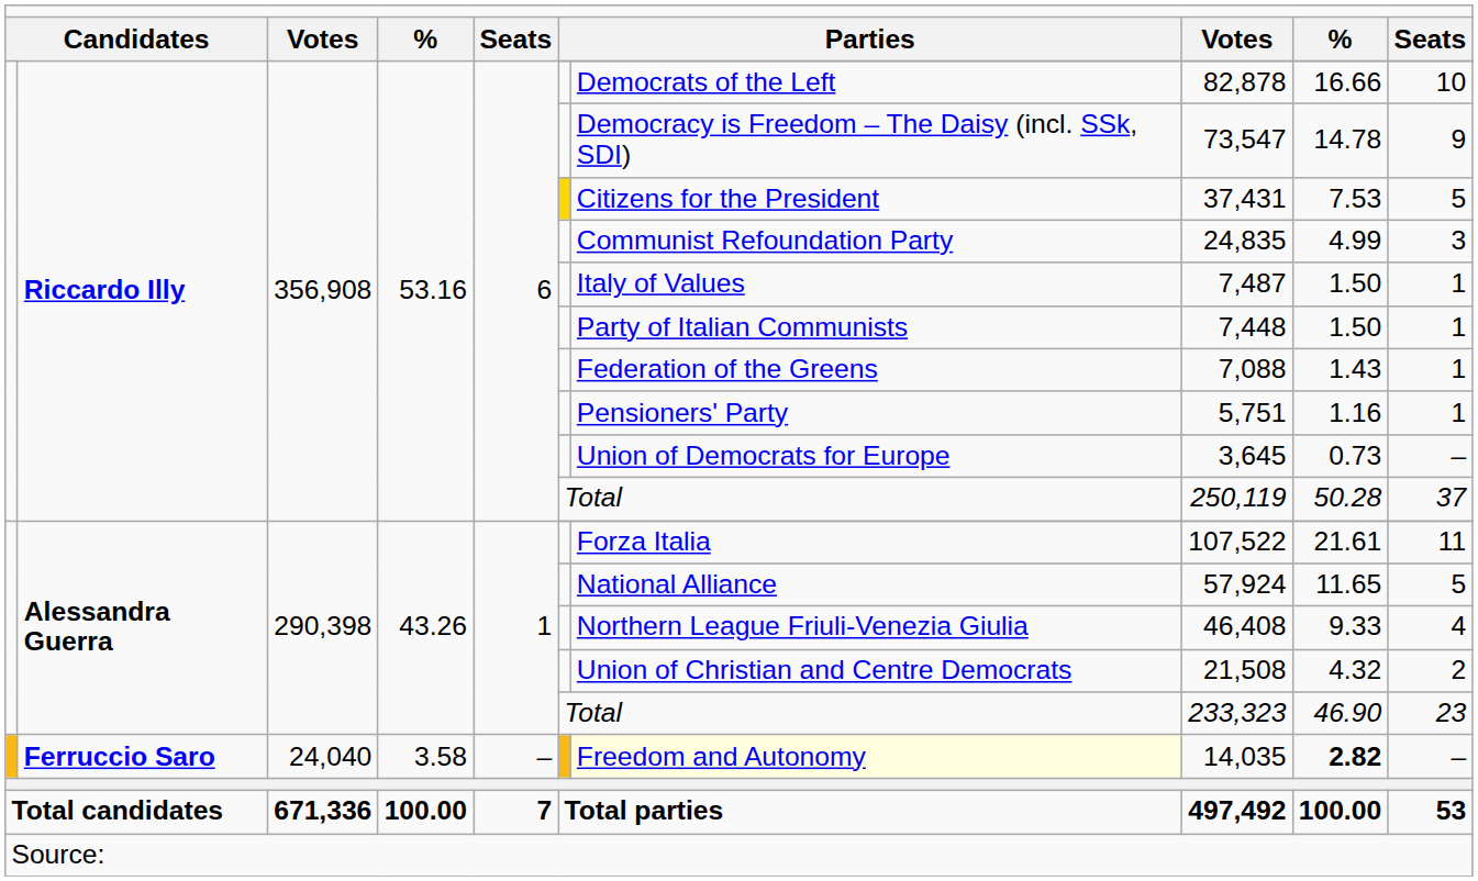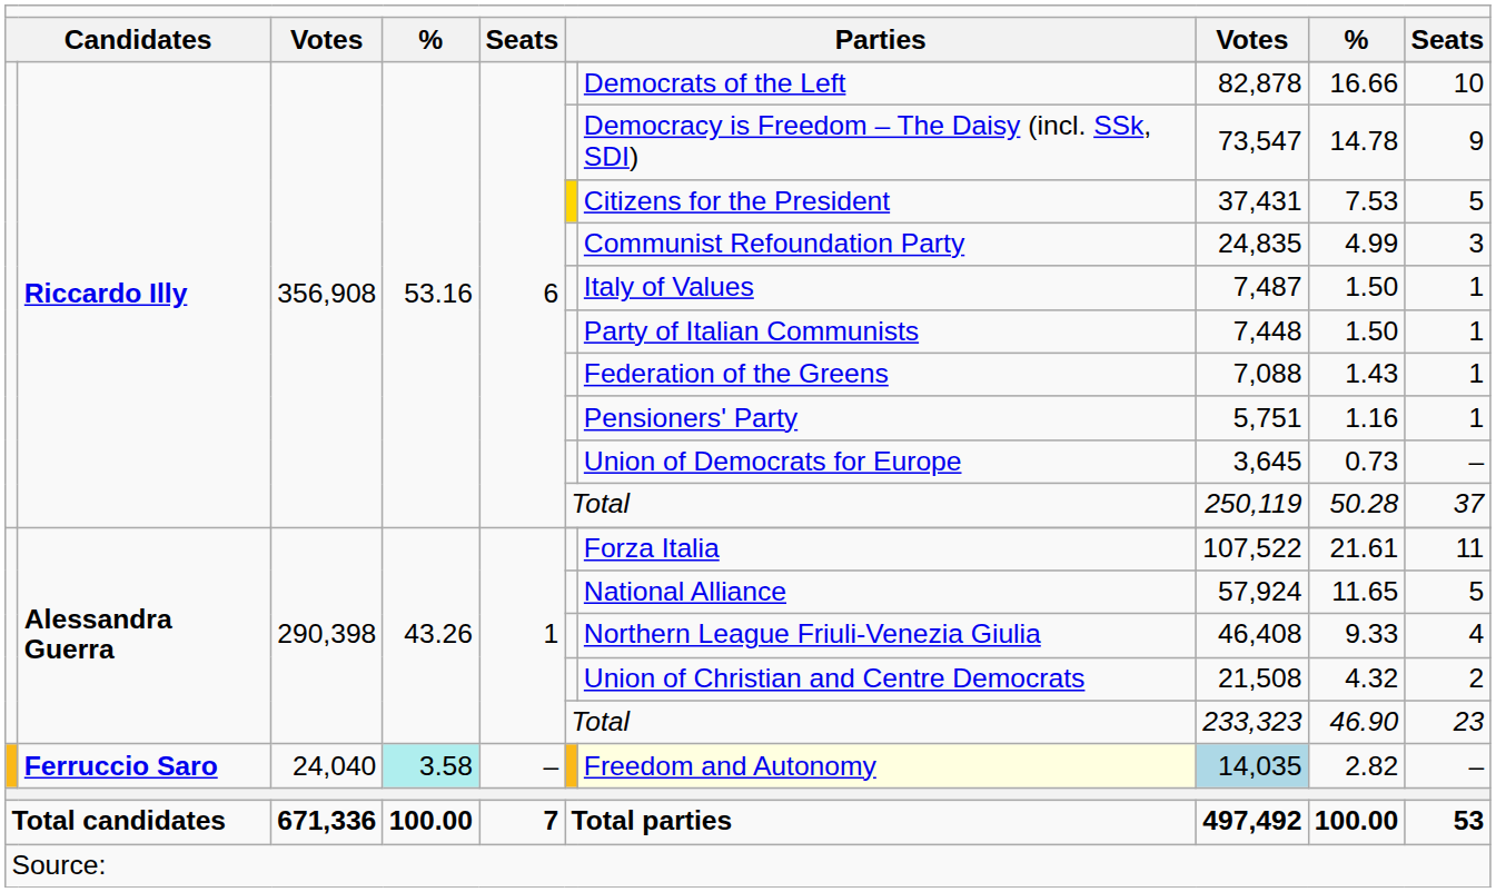 <table class="wikitable">
 <tr>
 <td colspan=10></td>
 </tr>
 <tr>
 <th colspan=2>Candidates</th>
 <th>Votes</th>
 <th>%</th>
 <th>Seats</th>
 <th colspan=2>Parties</th>
 <th>Votes</th>
 <th>%</th>
 <th>Seats</th>
 </tr>
 <tr>
 <td rowspan=11></td>
 <td rowspan=11><strong><a href='#'>Riccardo Illy</a></strong></td>
 <td rowspan=11 align=right>356,908</td>
 <td rowspan=11 align=right>53.16</td>
 <td rowspan=11 align=right>6</td>
 </tr>
 <tr>
 <td></td>
 <td><a href='#'>Democrats of the Left</a></td>
 <td align=right>82,878</td>
 <td align=right>16.66</td>
 <td align=right>10</td>
 </tr>
 <tr>
 <td></td>
 <td><a href='#'>Democracy is Freedom – The Daisy</a> (incl. <a href='#'>SSk</a>, <a href='#'>SDI</a>)</td>
 <td align=right>73,547</td>
 <td align=right>14.78</td>
 <td align=right>9</td>
 </tr>
 <tr>
 <td bgcolor="gold"></td>
 <td><a href='#'>Citizens for the President</a></td>
 <td align=right>37,431</td>
 <td align=right>7.53</td>
 <td align=right>5</td>
 </tr>
 <tr>
 <td></td>
 <td><a href='#'>Communist Refoundation Party</a></td>
 <td align=right>24,835</td>
 <td align=right>4.99</td>
 <td align=right>3</td>
 </tr>
 <tr>
 <td></td>
 <td><a href='#'>Italy of Values</a></td>
 <td align=right>7,487</td>
 <td align=right>1.50</td>
 <td align=right>1</td>
 </tr>
 <tr>
 <td></td>
 <td><a href='#'>Party of Italian Communists</a></td>
 <td align=right>7,448</td>
 <td align=right>1.50</td>
 <td align=right>1</td>
 </tr>
 <tr>
 <td></td>
 <td><a href='#'>Federation of the Greens</a></td>
 <td align=right>7,088</td>
 <td align=right>1.43</td>
 <td align=right>1</td>
 </tr>
 <tr>
 <td></td>
 <td><a href='#'>Pensioners' Party</a></td>
 <td align=right>5,751</td>
 <td align=right>1.16</td>
 <td align=right>1</td>
 </tr>
 <tr>
 <td></td>
 <td><a href='#'>Union of Democrats for Europe</a></td>
 <td align=right>3,645</td>
 <td align=right>0.73</td>
 <td align=right>–</td>
 </tr>
 <tr>
 <td colspan=2><em>Total</em></td>
 <td align=right><em>250,119</em></td>
 <td align=right><em>50.28</em></td>
 <td align=right><em>37</em></td>
 </tr>
 <tr>
 <td rowspan=6></td>
 <td rowspan=6><strong>Alessandra Guerra</strong></td>
 <td rowspan=6 align=right>290,398</td>
 <td rowspan=6 align=right>43.26</td>
 <td rowspan=6 align=right>1</td>
 </tr>
 <tr>
 <td></td>
 <td><a href='#'>Forza Italia</a></td>
 <td align=right>107,522</td>
 <td align=right>21.61</td>
 <td align=right>11</td>
 </tr>
 <tr>
 <td></td>
 <td><a href='#'>National Alliance</a></td>
 <td align=right>57,924</td>
 <td align=right>11.65</td>
 <td align=right>5</td>
 </tr>
 <tr>
 <td></td>
 <td><a href='#'>Northern League Friuli-Venezia Giulia</a></td>
 <td align=right>46,408</td>
 <td align=right>9.33</td>
 <td align=right>4</td>
 </tr>
 <tr>
 <td></td>
 <td><a href='#'>Union of Christian and Centre Democrats</a></td>
 <td align=right>21,508</td>
 <td align=right>4.32</td>
 <td align=right>2</td>
 </tr>
 <tr>
 <td colspan=2><em>Total</em></td>
 <td align=right><em>233,323</em></td>
 <td align=right><em>46.90</em></td>
 <td align=right><em>23</em></td>
 </tr>
 <tr>
 <td bgcolor="#FBB917"></td>
 <td><strong><a href='#'>Ferruccio Saro</a></strong></td>
 <td align=right>24,040</td>
-<td align=right>3.58</td>
+<td align=right style="background: paleturquoise;">3.58</td>
 <td align=right>–</td>
 <td bgcolor="#FBB917"></td>
 <td align="left" style="background: lightyellow;"><a href='#'>Freedom and Autonomy</a></td>
-<td align=right>14,035</td>
-<td align=right><strong>2.82</strong></td>
+<td align=right style="background: lightblue;">14,035</td>
+<td align=right>2.82</td>
 <td align=right>–</td>
 </tr>
 <tr>
 <th colspan=10></th>
 </tr>
 <tr>
 <td colspan=2><strong>Total candidates</strong></td>
 <td align=right><strong>671,336</strong></td>
 <td align=right><strong>100.00</strong></td>
 <td align=right><strong>7</strong></td>
 <td colspan=2><strong>Total parties</strong></td>
 <td align=right><strong>497,492</strong></td>
 <td align=right><strong>100.00</strong></td>
 <td align=right><strong>53</strong></td>
 </tr>
 <tr>
 <td colspan=10>Source: </td>
 </tr>
 </table>
